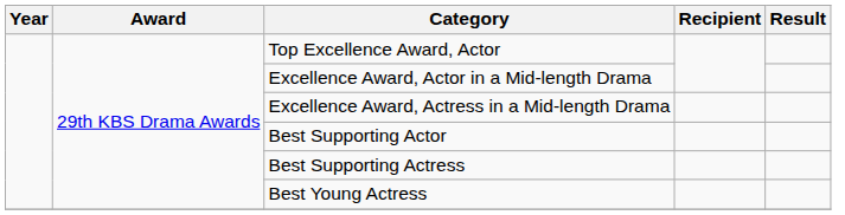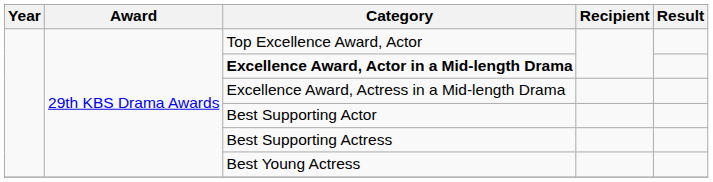 <table class="wikitable">
 <tr>
 <th>Year</th>
 <th>Award</th>
 <th>Category</th>
 <th>Recipient</th>
 <th>Result</th>
 </tr>
 <tr>
 <td rowspan="6"></td>
 <td rowspan="6"><a href='#'>29th KBS Drama Awards</a></td>
 <td>Top Excellence Award, Actor</td>
 <td rowspan="2"></td>
 <td></td>
 </tr>
 <tr>
-<td>Excellence Award, Actor in a Mid-length Drama</td>
+<td><strong>Excellence Award, Actor in a Mid-length Drama</strong></td>
 <td></td>
 </tr>
 <tr>
 <td>Excellence Award, Actress in a Mid-length Drama</td>
 <td></td>
 <td></td>
 </tr>
 <tr>
 <td>Best Supporting Actor</td>
 <td></td>
 <td></td>
 </tr>
 <tr>
 <td>Best Supporting Actress</td>
 <td></td>
 <td></td>
 </tr>
 <tr>
 <td>Best Young Actress</td>
 <td></td>
 <td></td>
 </tr>
 <tr>
 </tr>
 </table>
